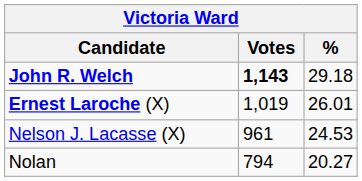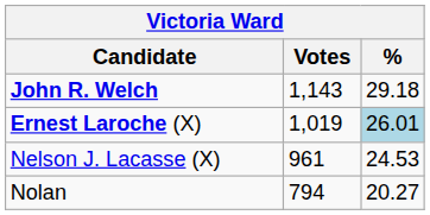 <table class="wikitable">
 <tr>
 <th colspan="3"><a href='#'>Victoria Ward</a></th>
 </tr>
 <tr>
 <th style="width: 200px">Candidate</th>
 <th style="width: 50px">Votes</th>
 <th style="width: 40px">%</th>
 </tr>
 <tr>
 <td><strong><a href='#'>John R. Welch</a></strong></td>
-<td><strong>1,143</strong></td>
+<td>1,143</td>
 <td>29.18</td>
 </tr>
 <tr>
 <td><strong><a href='#'>Ernest Laroche</a></strong> (X)</td>
 <td>1,019</td>
-<td>26.01</td>
+<td style="background: lightblue;">26.01</td>
 </tr>
 <tr>
 <td><a href='#'>Nelson J. Lacasse</a> (X)</td>
 <td>961</td>
 <td>24.53</td>
 </tr>
 <tr>
 <td>Nolan</td>
 <td>794</td>
 <td>20.27</td>
 </tr>
 </table>
